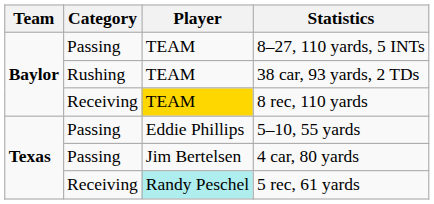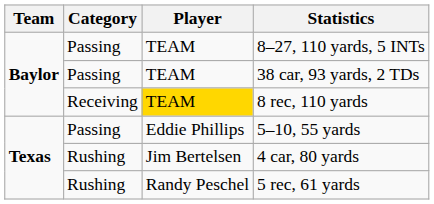 <table class="wikitable" style="float: right;">
 <tr>
 <th>Team</th>
 <th>Category</th>
 <th>Player</th>
 <th>Statistics</th>
 </tr>
 <tr>
 <td rowspan=3><strong>Baylor</strong></td>
 <td>Passing</td>
 <td>TEAM</td>
 <td>8–27, 110 yards, 5 INTs</td>
 </tr>
 <tr>
-<td>Rushing</td>
+<td>Passing</td>
 <td>TEAM</td>
 <td>38 car, 93 yards, 2 TDs</td>
 </tr>
 <tr>
 <td>Receiving</td>
 <td style="background: gold;">TEAM</td>
 <td>8 rec, 110 yards</td>
 </tr>
 <tr>
 <td rowspan=3><strong>Texas</strong></td>
 <td>Passing</td>
 <td>Eddie Phillips</td>
 <td>5–10, 55 yards</td>
 </tr>
 <tr>
-<td>Passing</td>
+<td>Rushing</td>
 <td>Jim Bertelsen</td>
 <td>4 car, 80 yards</td>
 </tr>
 <tr>
-<td>Receiving</td>
-<td style="background: paleturquoise;">Randy Peschel</td>
+<td>Rushing</td>
+<td>Randy Peschel</td>
 <td>5 rec, 61 yards</td>
 </tr>
 </table>
